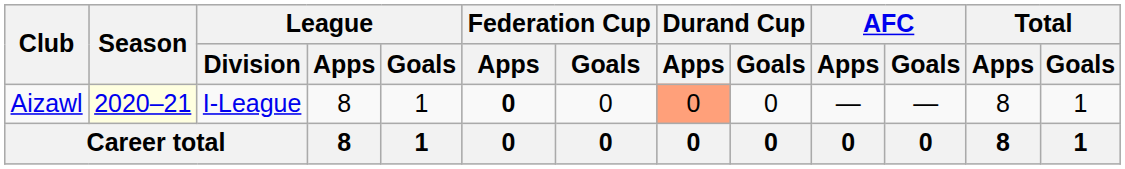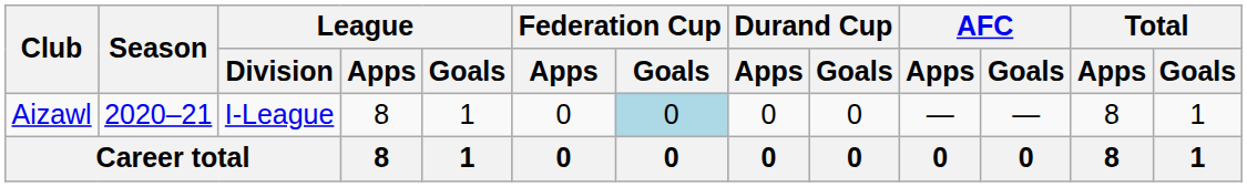 <table class="wikitable" style="text-align: center;">
 <tr>
 <th rowspan="2">Club</th>
 <th rowspan="2">Season</th>
 <th colspan="3">League</th>
 <th colspan="2">Federation Cup</th>
 <th colspan="2">Durand Cup</th>
 <th colspan="2"><a href='#'>AFC</a></th>
 <th colspan="2">Total</th>
 </tr>
 <tr>
 <th>Division</th>
 <th>Apps</th>
 <th>Goals</th>
 <th>Apps</th>
 <th>Goals</th>
 <th>Apps</th>
 <th>Goals</th>
 <th>Apps</th>
 <th>Goals</th>
 <th>Apps</th>
 <th>Goals</th>
 </tr>
 <tr>
 <td rowspan="1"><a href='#'>Aizawl</a></td>
-<td style="background: lightyellow;"><a href='#'>2020–21</a></td>
+<td><a href='#'>2020–21</a></td>
 <td><a href='#'>I-League</a></td>
 <td>8</td>
 <td>1</td>
-<td><strong>0</strong></td>
 <td>0</td>
-<td style="background: lightsalmon;">0</td>
+<td style="background: lightblue;">0</td>
+<td>0</td>
 <td>0</td>
 <td>—</td>
 <td>—</td>
 <td>8</td>
 <td>1</td>
 </tr>
 <tr>
 <th colspan="3">Career total</th>
 <th>8</th>
 <th>1</th>
 <th>0</th>
 <th>0</th>
 <th>0</th>
 <th>0</th>
 <th>0</th>
 <th>0</th>
 <th>8</th>
 <th>1</th>
 </tr>
 </table>
